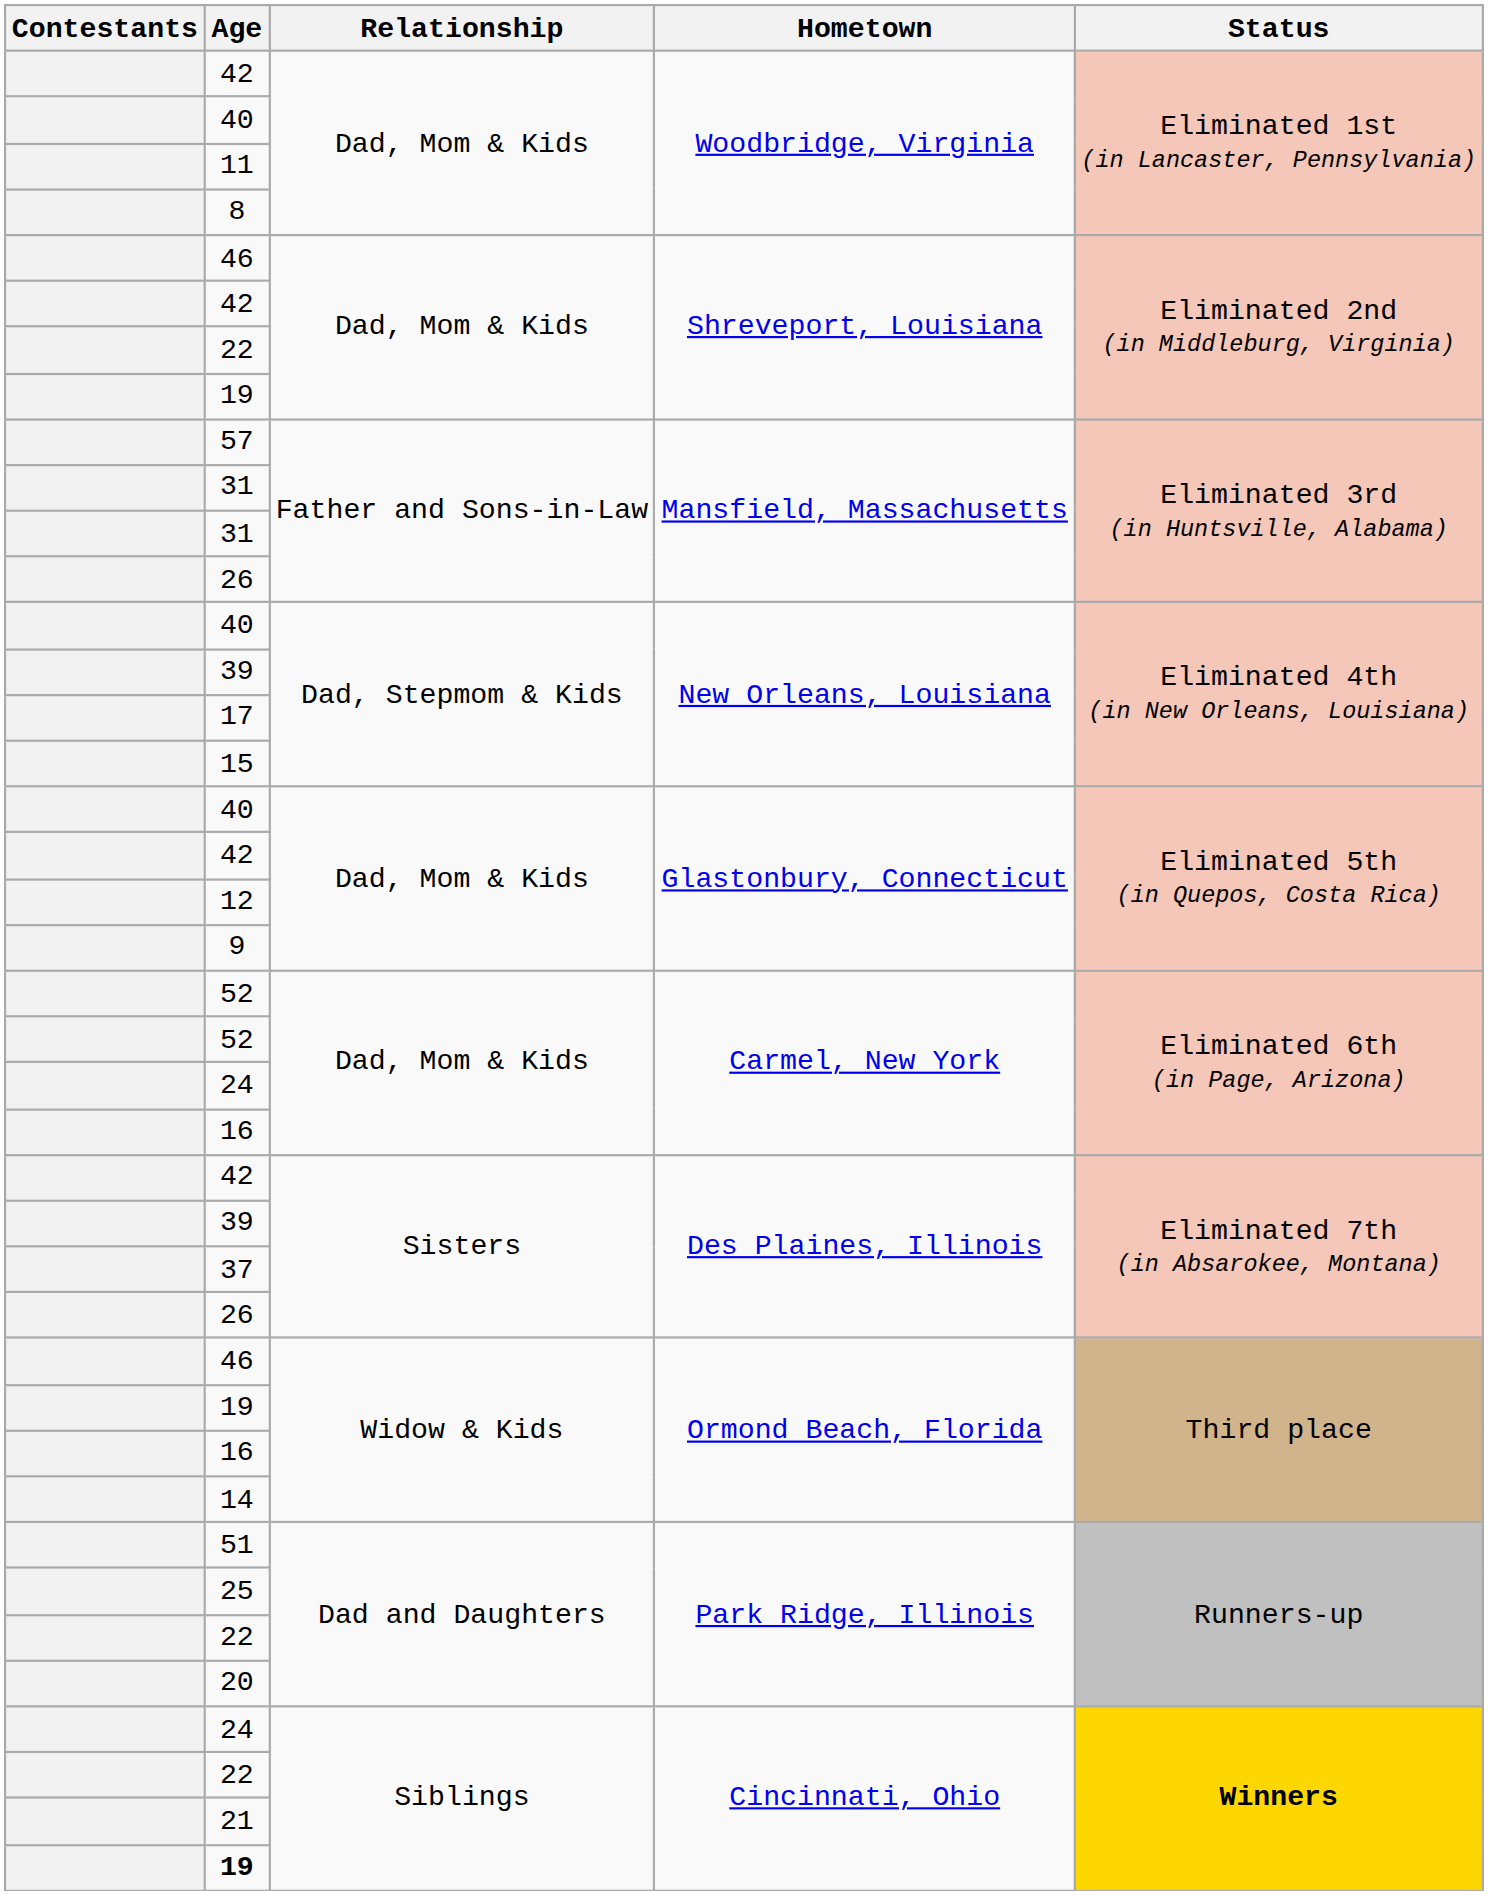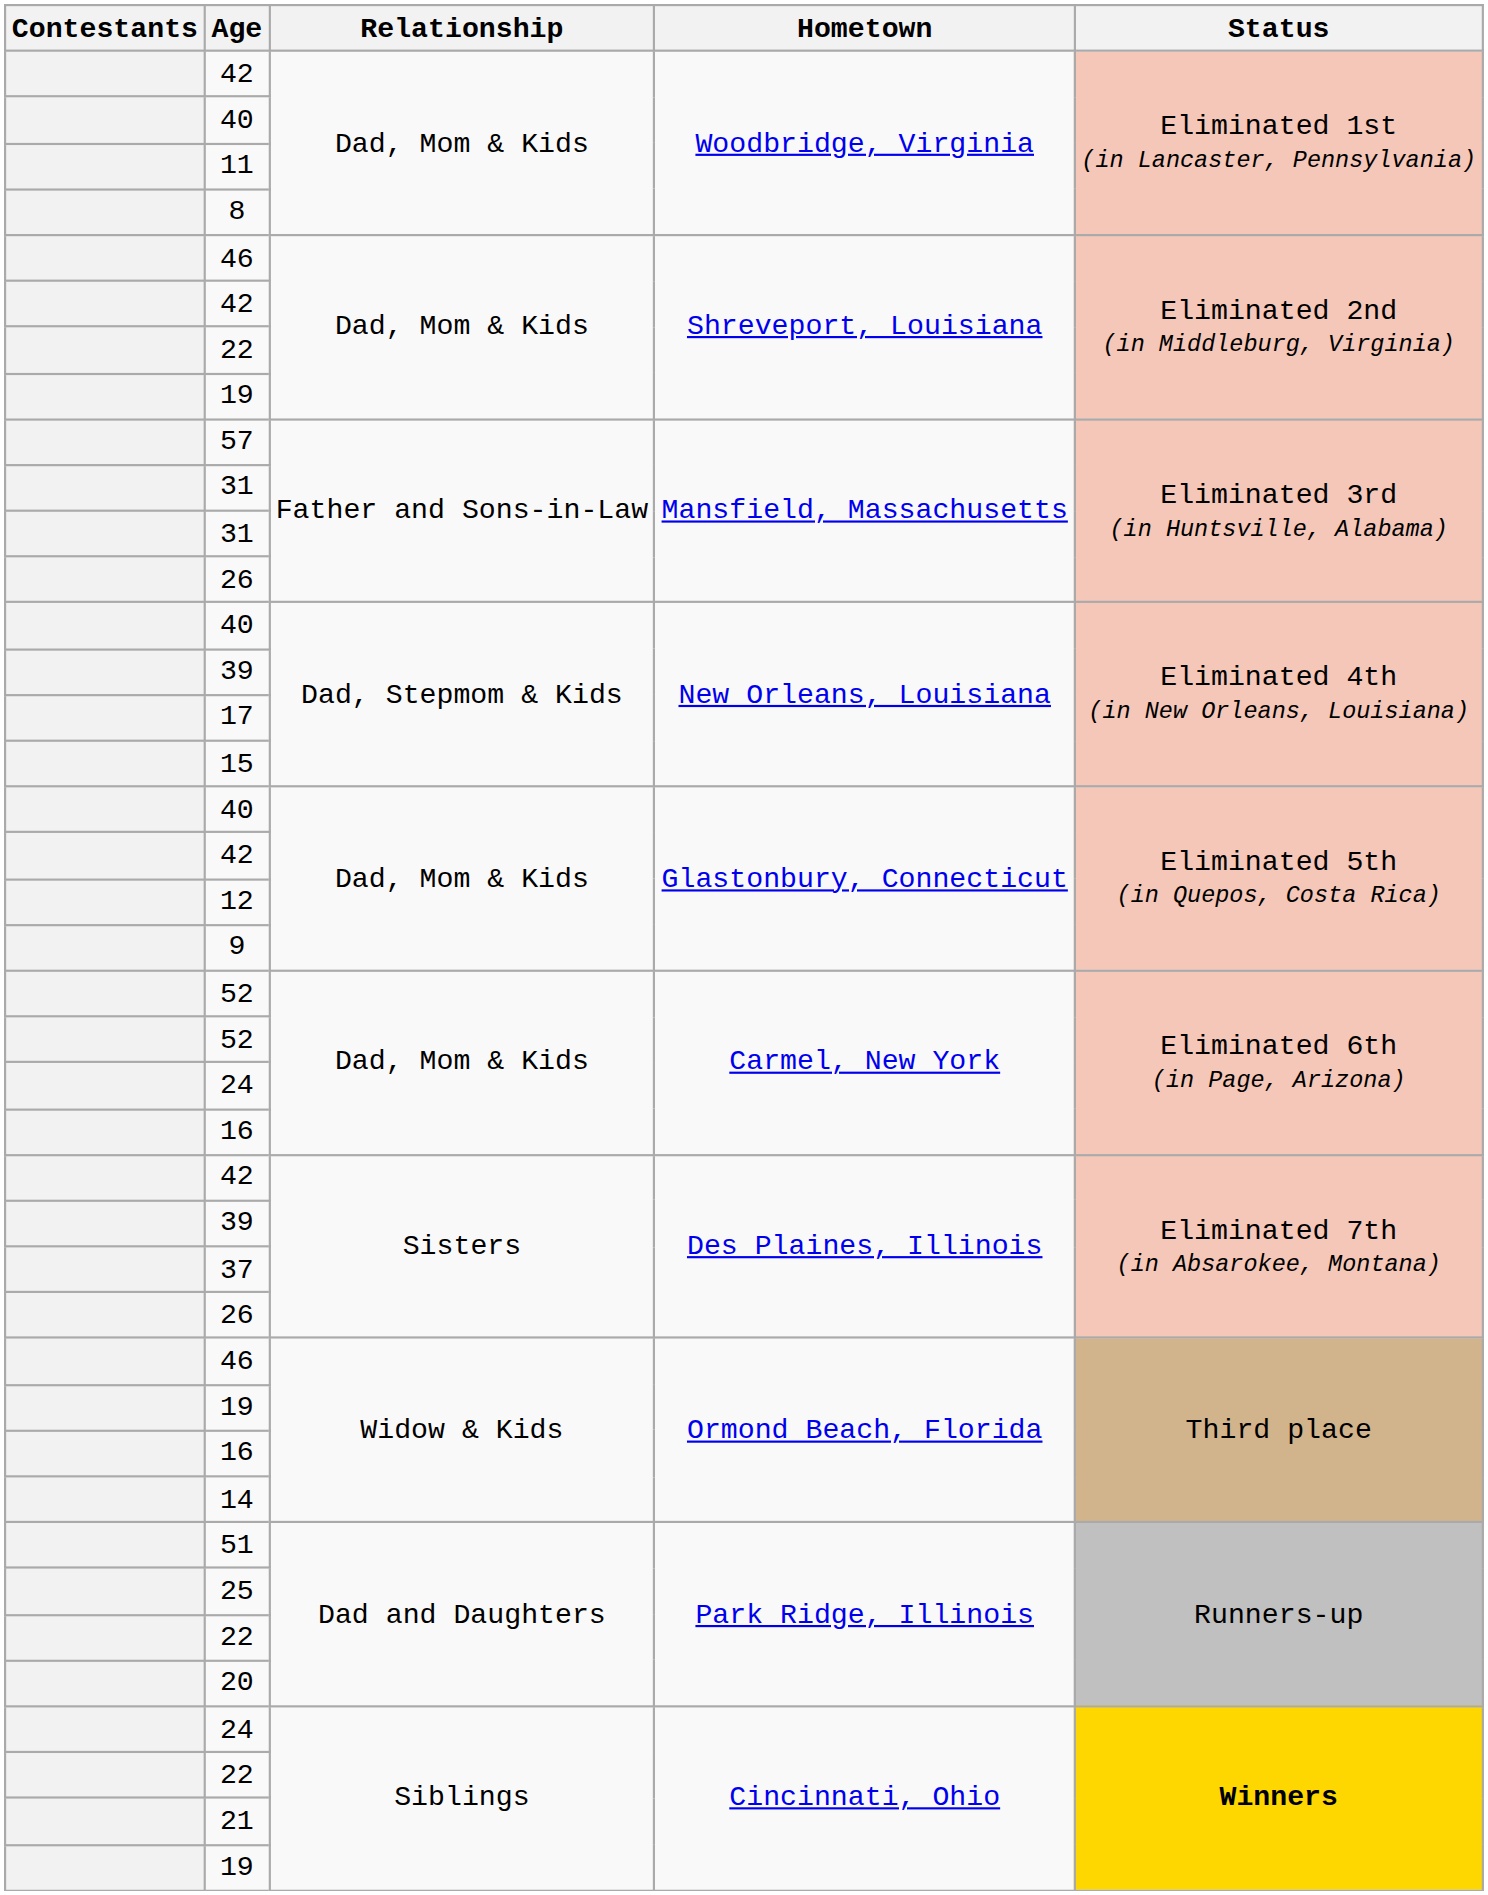 <table class="wikitable sortable" style="text-align:center">
 <tr>
 <th scope="col">Contestants</th>
 <th scope="col">Age</th>
 <th scope="col" class="unsortable">Relationship</th>
 <th class="unsortable" scope="col">Hometown</th>
 <th scope="col">Status</th>
 </tr>
 <tr>
 <th scope="row"></th>
 <td>42</td>
 <td rowspan="4">Dad, Mom & Kids</td>
 <td rowspan="4"><a href='#'>Woodbridge, Virginia</a></td>
 <td rowspan="4" bgcolor="f4c7b8">Eliminated 1st<br><small><em>(in Lancaster, Pennsylvania)</em></small></td>
 </tr>
 <tr>
 <th scope="row"></th>
 <td>40</td>
 </tr>
 <tr>
 <th scope="row"></th>
 <td>11</td>
 </tr>
 <tr>
 <th scope="row"></th>
 <td>8</td>
 </tr>
 <tr>
 <th scope="row"></th>
 <td>46</td>
 <td rowspan="4">Dad, Mom & Kids</td>
 <td rowspan="4"><a href='#'>Shreveport, Louisiana</a></td>
 <td rowspan="4" bgcolor="f4c7b8">Eliminated 2nd<br><small><em>(in Middleburg, Virginia)</em></small></td>
 </tr>
 <tr>
 <th scope="row"></th>
 <td>42</td>
 </tr>
 <tr>
 <th scope="row"></th>
 <td>22</td>
 </tr>
 <tr>
 <th scope="row"></th>
 <td>19</td>
 </tr>
 <tr>
 <th scope="row"></th>
 <td>57</td>
 <td rowspan="4">Father and Sons-in-Law</td>
 <td rowspan="4"><a href='#'>Mansfield, Massachusetts</a></td>
 <td rowspan="4" bgcolor="f4c7b8">Eliminated 3rd<br><small><em>(in Huntsville, Alabama)</em></small></td>
 </tr>
 <tr>
 <th scope="row"></th>
 <td>31</td>
 </tr>
 <tr>
 <th scope="row"></th>
 <td>31</td>
 </tr>
 <tr>
 <th scope="row"></th>
 <td>26</td>
 </tr>
 <tr>
 <th scope="row"></th>
 <td>40</td>
 <td rowspan="4">Dad, Stepmom & Kids</td>
 <td rowspan="4"><a href='#'>New Orleans, Louisiana</a></td>
 <td rowspan="4" bgcolor="f4c7b8">Eliminated 4th<br><small><em>(in New Orleans, Louisiana)</em></small></td>
 </tr>
 <tr>
 <th scope="row"></th>
 <td>39</td>
 </tr>
 <tr>
 <th scope="row"></th>
 <td>17</td>
 </tr>
 <tr>
 <th scope="row"></th>
 <td>15</td>
 </tr>
 <tr>
 <th scope="row"></th>
 <td>40</td>
 <td rowspan="4">Dad, Mom & Kids</td>
 <td rowspan="4"><a href='#'>Glastonbury, Connecticut</a></td>
 <td rowspan="4" bgcolor="f4c7b8">Eliminated 5th<br><small><em>(in Quepos, Costa Rica)</em></small></td>
 </tr>
 <tr>
 <th scope="row"></th>
 <td>42</td>
 </tr>
 <tr>
 <th scope="row"></th>
 <td>12</td>
 </tr>
 <tr>
 <th scope="row"></th>
 <td>9</td>
 </tr>
 <tr>
 <th scope="row"></th>
 <td>52</td>
 <td rowspan="4">Dad, Mom & Kids</td>
 <td rowspan="4"><a href='#'>Carmel, New York</a></td>
 <td rowspan="4" bgcolor="f4c7b8">Eliminated 6th<br><small><em>(in Page, Arizona)</em></small></td>
 </tr>
 <tr>
 <th scope="row"></th>
 <td>52</td>
 </tr>
 <tr>
 <th scope="row"></th>
 <td>24</td>
 </tr>
 <tr>
 <th scope="row"></th>
 <td>16</td>
 </tr>
 <tr>
 <th scope="row"></th>
 <td>42</td>
 <td rowspan="4">Sisters</td>
 <td rowspan="4"><a href='#'>Des Plaines, Illinois</a></td>
 <td rowspan="4" bgcolor="f4c7b8">Eliminated 7th<br><small><em>(in Absarokee, Montana)</em></small></td>
 </tr>
 <tr>
 <th scope="row"></th>
 <td>39</td>
 </tr>
 <tr>
 <th scope="row"></th>
 <td>37</td>
 </tr>
 <tr>
 <th scope="row"></th>
 <td>26</td>
 </tr>
 <tr>
 <th scope="row"></th>
 <td>46</td>
 <td rowspan="4">Widow & Kids</td>
 <td rowspan="4"><a href='#'>Ormond Beach, Florida</a></td>
 <td rowspan="4" bgcolor="tan">Third place</td>
 </tr>
 <tr>
 <th scope="row"></th>
 <td>19</td>
 </tr>
 <tr>
 <th scope="row"></th>
 <td>16</td>
 </tr>
 <tr>
 <th scope="row"></th>
 <td>14</td>
 </tr>
 <tr>
 <th scope="row"></th>
 <td>51</td>
 <td rowspan="4">Dad and Daughters</td>
 <td rowspan="4"><a href='#'>Park Ridge, Illinois</a></td>
 <td rowspan="4" bgcolor="silver">Runners-up</td>
 </tr>
 <tr>
 <th scope="row"></th>
 <td>25</td>
 </tr>
 <tr>
 <th scope="row"></th>
 <td>22</td>
 </tr>
 <tr>
 <th scope="row"></th>
 <td>20</td>
 </tr>
 <tr>
 <th scope="row"></th>
 <td>24</td>
 <td rowspan="4">Siblings</td>
 <td rowspan="4"><a href='#'>Cincinnati, Ohio</a></td>
 <td rowspan="4" bgcolor="gold"><strong>Winners</strong></td>
 </tr>
 <tr>
 <th scope="row"></th>
 <td>22</td>
 </tr>
 <tr>
 <th scope="row"></th>
 <td>21</td>
 </tr>
 <tr>
 <th scope="row"></th>
-<td><strong>19</strong></td>
+<td>19</td>
 </tr>
 </table>
